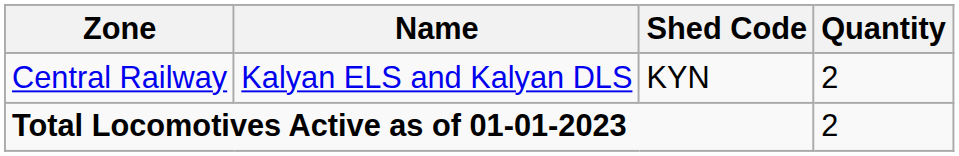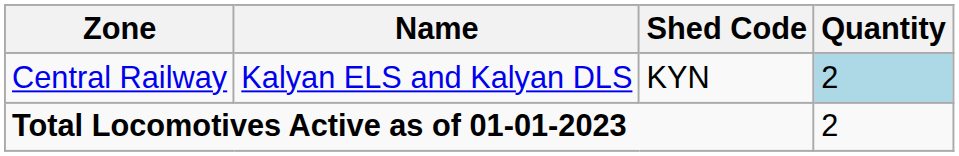 <table class="wikitable">
 <tr>
 <th>Zone</th>
 <th>Name</th>
 <th>Shed Code</th>
 <th>Quantity</th>
 </tr>
 <tr>
 <td><a href='#'>Central Railway</a></td>
 <td><a href='#'>Kalyan ELS and Kalyan DLS</a></td>
 <td>KYN</td>
-<td>2</td>
+<td style="background: lightblue;">2</td>
 </tr>
 <tr>
 <td colspan="3"><strong>Total Locomotives Active as of 01-01-2023</strong></td>
 <td>2</td>
 </tr>
 </table>
